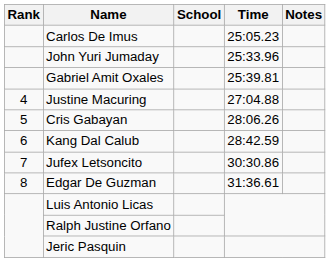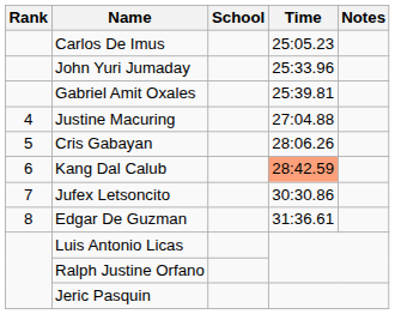 <table class="wikitable sortable" style="text-align:center">
 <tr>
 <th>Rank</th>
 <th>Name</th>
 <th>School</th>
 <th>Time</th>
 <th>Notes</th>
 </tr>
 <tr>
 <td></td>
 <td align=left>Carlos De Imus</td>
 <td align=left></td>
 <td>25:05.23</td>
 <td></td>
 </tr>
 <tr>
 <td></td>
 <td align=left>John Yuri Jumaday</td>
 <td align=left></td>
 <td>25:33.96</td>
 <td></td>
 </tr>
 <tr>
 <td></td>
 <td align=left>Gabriel Amit Oxales</td>
 <td align=left></td>
 <td>25:39.81</td>
 <td></td>
 </tr>
 <tr>
 <td>4</td>
 <td align=left>Justine Macuring</td>
 <td align=left></td>
 <td>27:04.88</td>
 <td></td>
 </tr>
 <tr>
 <td>5</td>
 <td align=left>Cris Gabayan</td>
 <td align=left></td>
 <td>28:06.26</td>
 <td></td>
 </tr>
 <tr>
 <td>6</td>
 <td align=left>Kang Dal Calub</td>
 <td align=left></td>
-<td>28:42.59</td>
+<td style="background: lightsalmon;">28:42.59</td>
 <td></td>
 </tr>
 <tr>
 <td>7</td>
 <td align=left>Jufex Letsoncito</td>
 <td align=left></td>
 <td>30:30.86</td>
 <td></td>
 </tr>
 <tr>
 <td>8</td>
 <td align=left>Edgar De Guzman</td>
 <td align=left></td>
 <td>31:36.61</td>
 <td></td>
 </tr>
 <tr>
 <td rowspan=3></td>
 <td align=left>Luis Antonio Licas</td>
 <td align=left></td>
 <td rowspan=2 colspan=2></td>
 </tr>
 <tr>
 <td align=left>Ralph Justine Orfano</td>
 <td align=left></td>
 </tr>
 <tr>
 <td align=left>Jeric Pasquin</td>
 <td align=left></td>
 <td colspan=2></td>
 </tr>
 </table>
